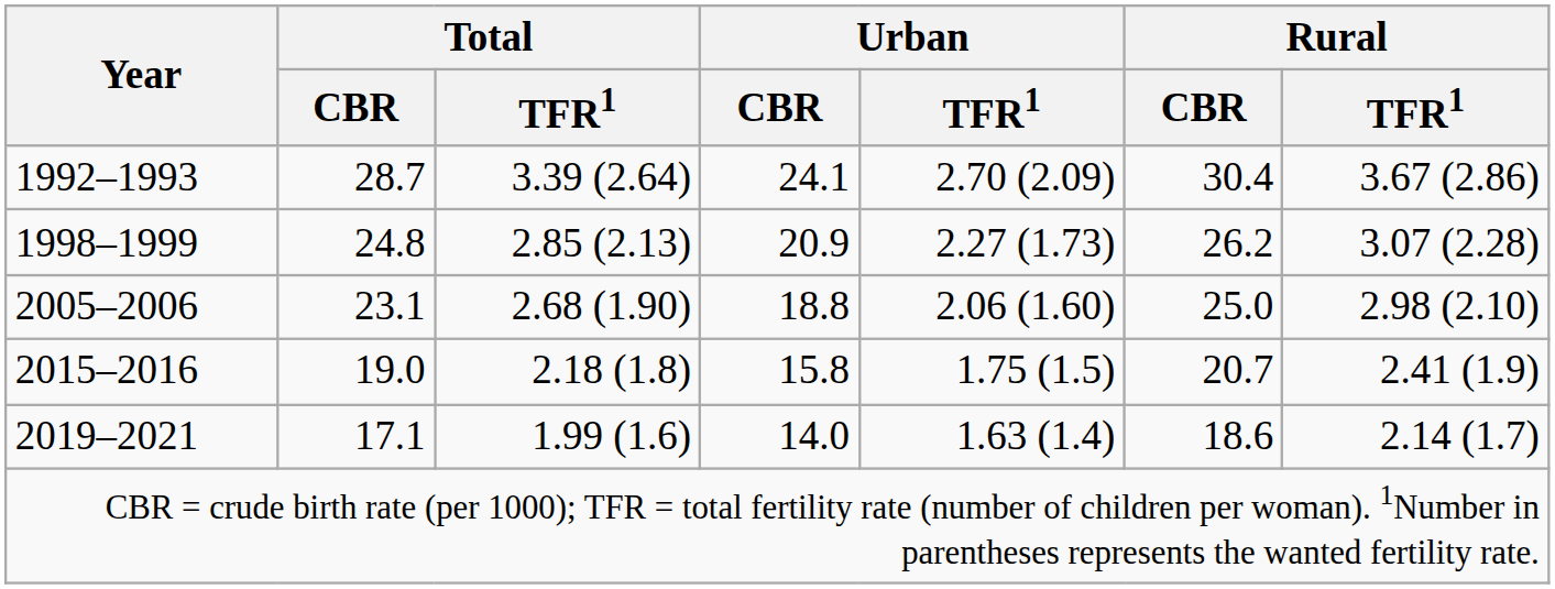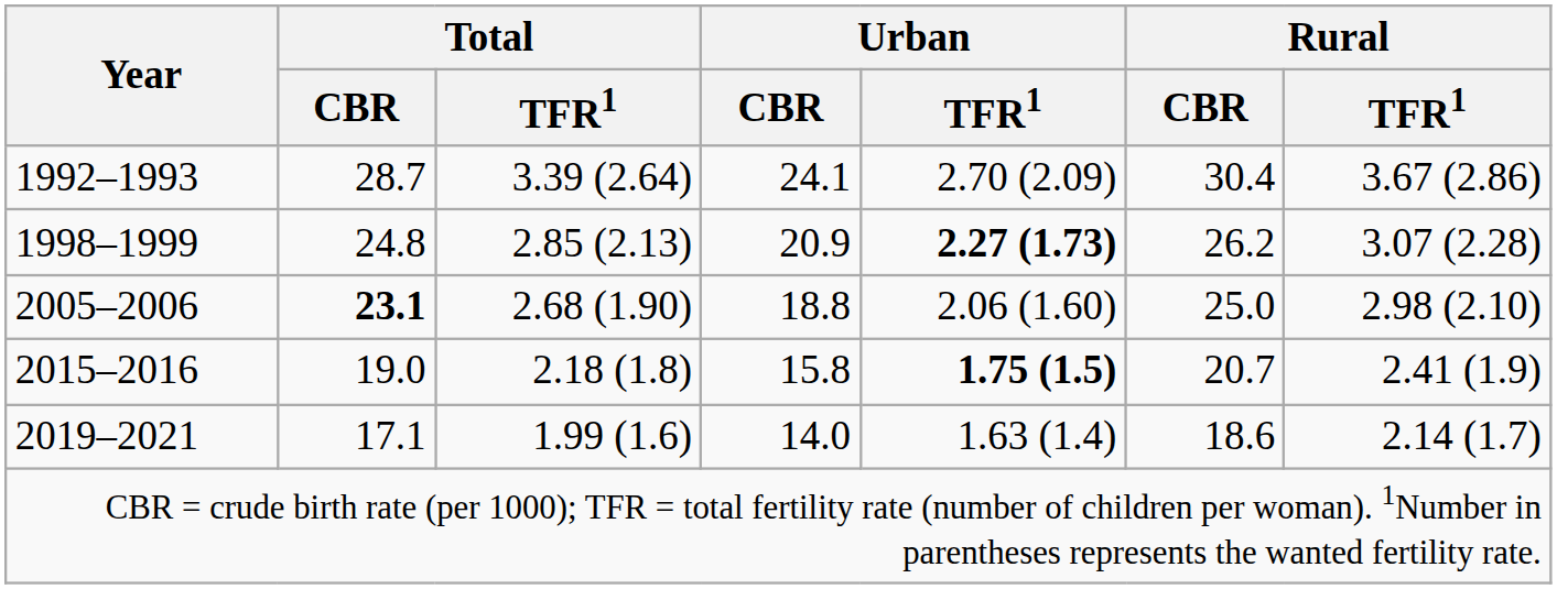 <table class="wikitable sortable" style="text-align: right;">
 <tr>
 <th rowspan=2>Year</th>
 <th colspan=2>Total</th>
 <th colspan=2>Urban</th>
 <th colspan=2>Rural</th>
 </tr>
 <tr>
 <th>CBR</th>
 <th>TFR<sup>1</sup></th>
 <th>CBR</th>
 <th>TFR<sup>1</sup></th>
 <th>CBR</th>
 <th>TFR<sup>1</sup></th>
 </tr>
 <tr>
 <td style="text-align: left;">1992–1993</td>
 <td>28.7</td>
 <td>3.39 (2.64)</td>
 <td>24.1</td>
 <td>2.70 (2.09)</td>
 <td>30.4</td>
 <td>3.67 (2.86)</td>
 </tr>
 <tr>
 <td style="text-align: left;">1998–1999</td>
 <td>24.8</td>
 <td>2.85 (2.13)</td>
 <td>20.9</td>
-<td>2.27 (1.73)</td>
+<td><strong>2.27 (1.73)</strong></td>
 <td>26.2</td>
 <td>3.07 (2.28)</td>
 </tr>
 <tr>
 <td style="text-align: left;">2005–2006</td>
-<td>23.1</td>
+<td><strong>23.1</strong></td>
 <td>2.68 (1.90)</td>
 <td>18.8</td>
 <td>2.06 (1.60)</td>
 <td>25.0</td>
 <td>2.98 (2.10)</td>
 </tr>
 <tr>
 <td style="text-align: left;">2015–2016</td>
 <td>19.0</td>
 <td>2.18 (1.8)</td>
 <td>15.8</td>
-<td>1.75 (1.5)</td>
+<td><strong>1.75 (1.5)</strong></td>
 <td>20.7</td>
 <td>2.41 (1.9)</td>
 </tr>
 <tr>
 <td style="text-align: left;">2019–2021</td>
 <td>17.1</td>
 <td>1.99 (1.6)</td>
 <td>14.0</td>
 <td>1.63 (1.4)</td>
 <td>18.6</td>
 <td>2.14 (1.7)</td>
 </tr>
 <tr>
 <td colspan="7"><small>CBR = crude birth rate (per 1000); TFR = total fertility rate (number of children per woman). <sup>1</sup>Number in parentheses represents the wanted fertility rate.</small></td>
 </tr>
 </table>
